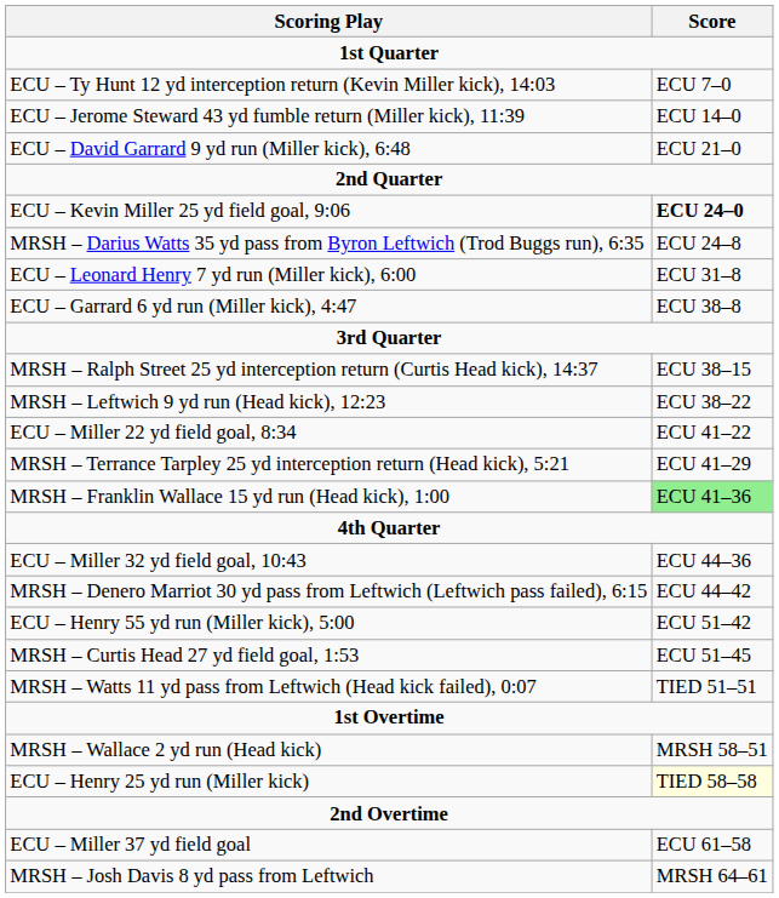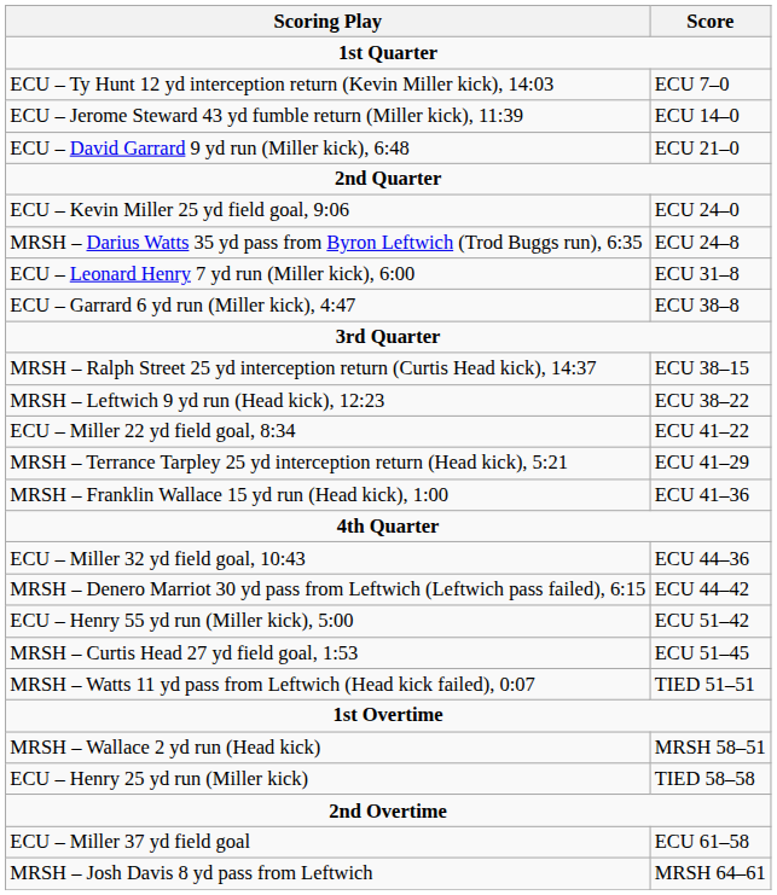 <table class="wikitable">
 <tr>
 <th>Scoring Play</th>
 <th>Score</th>
 </tr>
 <tr>
 <td colspan="4" align="center"><strong>1st Quarter</strong></td>
 </tr>
 <tr>
 <td>ECU – Ty Hunt 12 yd interception return (Kevin Miller kick), 14:03</td>
 <td>ECU 7–0</td>
 </tr>
 <tr>
 <td>ECU – Jerome Steward 43 yd fumble return (Miller kick), 11:39</td>
 <td>ECU 14–0</td>
 </tr>
 <tr>
 <td>ECU – <a href='#'>David Garrard</a> 9 yd run (Miller kick), 6:48</td>
 <td>ECU 21–0</td>
 </tr>
 <tr>
 <td colspan="4" align="center"><strong>2nd Quarter</strong></td>
 </tr>
 <tr>
 <td>ECU – Kevin Miller 25 yd field goal, 9:06</td>
-<td><strong>ECU 24–0</strong></td>
+<td>ECU 24–0</td>
 </tr>
 <tr>
 <td>MRSH – <a href='#'>Darius Watts</a> 35 yd pass from <a href='#'>Byron Leftwich</a> (Trod Buggs run), 6:35</td>
 <td>ECU 24–8</td>
 </tr>
 <tr>
 <td>ECU – <a href='#'>Leonard Henry</a> 7 yd run (Miller kick), 6:00</td>
 <td>ECU 31–8</td>
 </tr>
 <tr>
 <td>ECU – Garrard 6 yd run (Miller kick), 4:47</td>
 <td>ECU 38–8</td>
 </tr>
 <tr>
 <td colspan="4" align="center"><strong>3rd Quarter</strong></td>
 </tr>
 <tr>
 <td>MRSH – Ralph Street 25 yd interception return (Curtis Head kick), 14:37</td>
 <td>ECU 38–15</td>
 </tr>
 <tr>
 <td>MRSH – Leftwich 9 yd run (Head kick), 12:23</td>
 <td>ECU 38–22</td>
 </tr>
 <tr>
 <td>ECU – Miller 22 yd field goal, 8:34</td>
 <td>ECU 41–22</td>
 </tr>
 <tr>
 <td>MRSH – Terrance Tarpley 25 yd interception return (Head kick), 5:21</td>
 <td>ECU 41–29</td>
 </tr>
 <tr>
 <td>MRSH – Franklin Wallace 15 yd run (Head kick), 1:00</td>
-<td style="background: lightgreen;">ECU 41–36</td>
+<td>ECU 41–36</td>
 </tr>
 <tr>
 <td colspan="4" align="center"><strong>4th Quarter</strong></td>
 </tr>
 <tr>
 <td>ECU – Miller 32 yd field goal, 10:43</td>
 <td>ECU 44–36</td>
 </tr>
 <tr>
 <td>MRSH – Denero Marriot 30 yd pass from Leftwich (Leftwich pass failed), 6:15</td>
 <td>ECU 44–42</td>
 </tr>
 <tr>
 <td>ECU – Henry 55 yd run (Miller kick), 5:00</td>
 <td>ECU 51–42</td>
 </tr>
 <tr>
 <td>MRSH – Curtis Head 27 yd field goal, 1:53</td>
 <td>ECU 51–45</td>
 </tr>
 <tr>
 <td>MRSH – Watts 11 yd pass from Leftwich (Head kick failed), 0:07</td>
 <td>TIED 51–51</td>
 </tr>
 <tr>
 <td colspan="4" align="center"><strong>1st Overtime</strong></td>
 </tr>
 <tr>
 <td>MRSH – Wallace 2 yd run (Head kick)</td>
 <td>MRSH 58–51</td>
 </tr>
 <tr>
 <td>ECU – Henry 25 yd run (Miller kick)</td>
-<td style="background: lightyellow;">TIED 58–58</td>
+<td>TIED 58–58</td>
 </tr>
 <tr>
 <td colspan="4" align="center"><strong>2nd Overtime</strong></td>
 </tr>
 <tr>
 <td>ECU – Miller 37 yd field goal</td>
 <td>ECU 61–58</td>
 </tr>
 <tr>
 <td>MRSH – Josh Davis 8 yd pass from Leftwich</td>
 <td>MRSH 64–61</td>
 </tr>
 </table>
